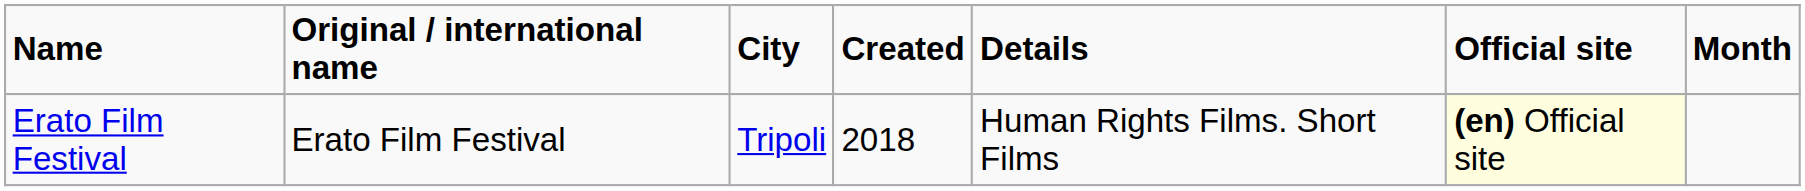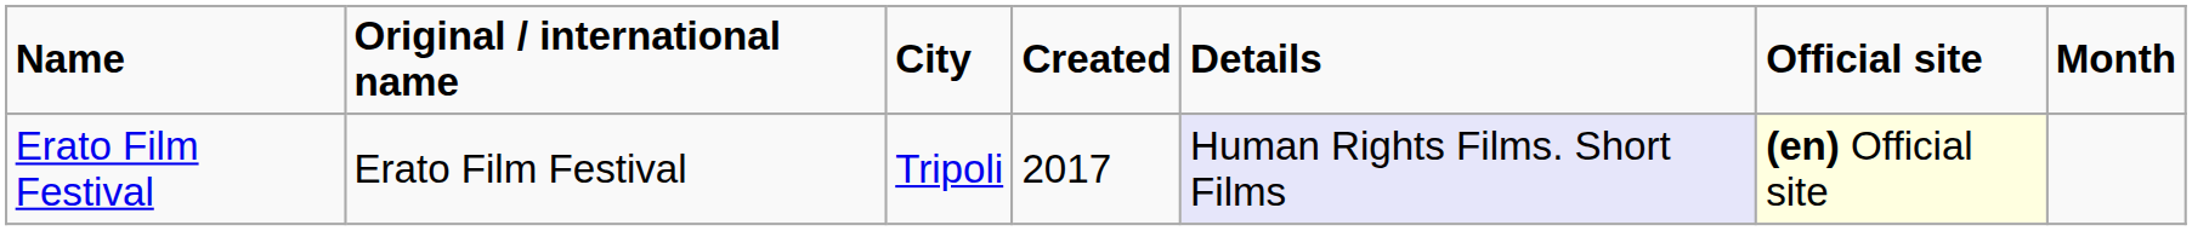 <table class="wikitable">
 <tr>
 <td><strong>Name</strong></td>
 <td><strong>Original / international name</strong></td>
 <td><strong>City</strong></td>
 <td><strong>Created</strong></td>
 <td><strong>Details</strong></td>
 <td><strong>Official site</strong></td>
 <td><strong>Month</strong></td>
 </tr>
 <tr>
 <td><a href='#'>Erato Film Festival</a></td>
 <td>Erato Film Festival</td>
 <td><a href='#'>Tripoli</a></td>
-<td>2018</td>
-<td>Human Rights Films. Short Films</td>
+<td>2017</td>
+<td style="background: lavender;">Human Rights Films. Short Films</td>
 <td style="background: lightyellow;"><strong>(en)</strong> Official site</td>
 <td></td>
 </tr>
 </table>
